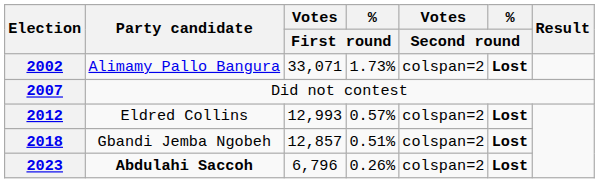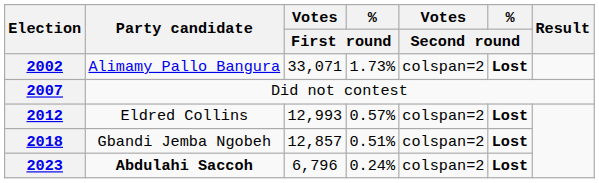 <table class="wikitable" style="text-align:center">
 <tr>
 <th rowspan="2">Election</th>
 <th rowspan="2">Party candidate</th>
 <th>Votes</th>
 <th>%</th>
 <th>Votes</th>
 <th>%</th>
 <th rowspan="2">Result</th>
 </tr>
 <tr>
 <th colspan="2">First round</th>
 <th colspan="2">Second round</th>
 </tr>
 <tr>
 <th><a href='#'>2002</a></th>
 <td><a href='#'>Alimamy Pallo Bangura</a></td>
 <td>33,071</td>
 <td>1.73%</td>
 <td>colspan=2 </td>
 <td><strong>Lost</strong> </td>
 </tr>
 <tr>
 <th><a href='#'>2007</a></th>
 <td colspan="6">Did not contest</td>
 </tr>
 <tr>
 <th><a href='#'>2012</a></th>
 <td>Eldred Collins</td>
 <td>12,993</td>
 <td>0.57%</td>
 <td>colspan=2 </td>
 <td><strong>Lost</strong> </td>
 </tr>
 <tr>
 <th><a href='#'>2018</a></th>
 <td>Gbandi Jemba Ngobeh</td>
 <td>12,857</td>
 <td>0.51%</td>
 <td>colspan=2 </td>
 <td><strong>Lost</strong> </td>
 </tr>
 <tr>
 <th><a href='#'>2023</a></th>
 <td><strong>Abdulahi Saccoh</strong></td>
 <td>6,796</td>
-<td>0.26%</td>
+<td>0.24%</td>
 <td>colspan=2 </td>
 <td><strong>Lost</strong> </td>
 </tr>
 </table>
